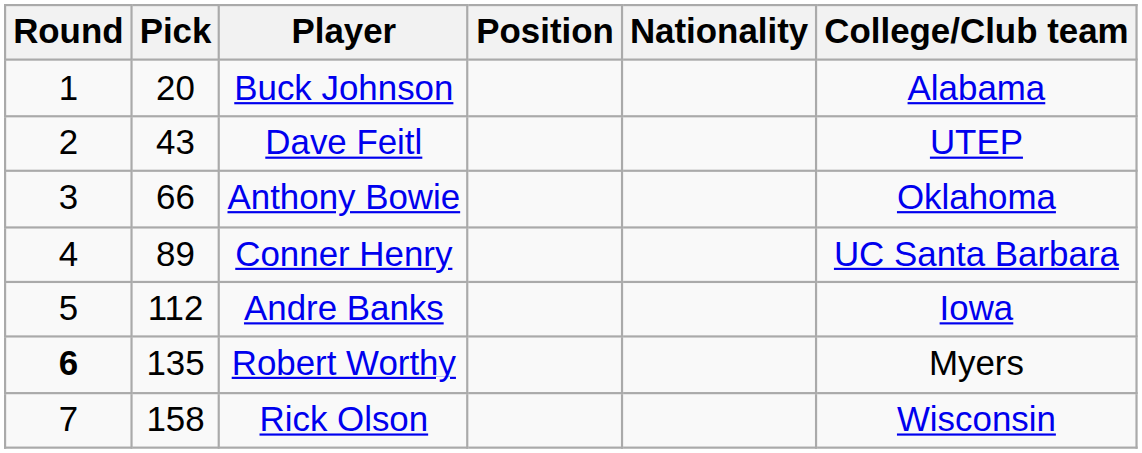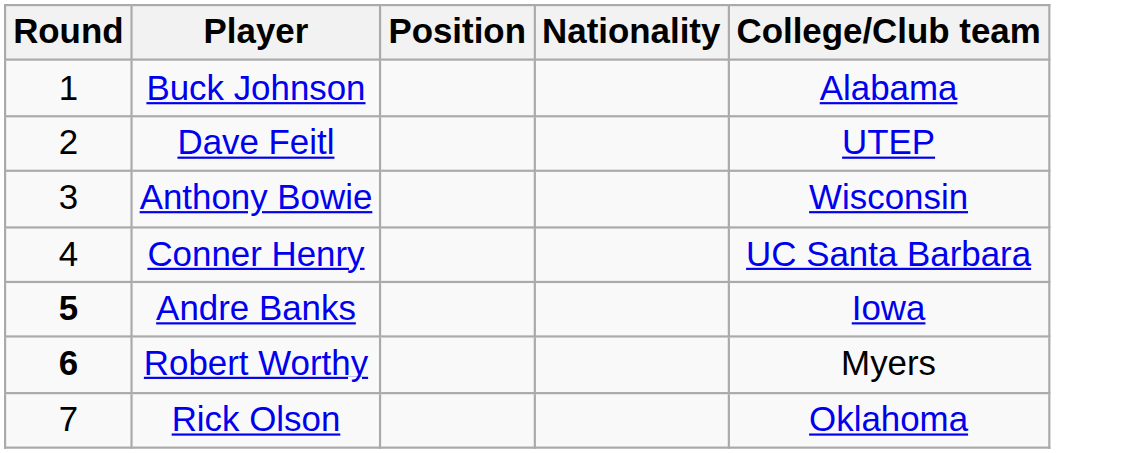 <table class="wikitable sortable sortable">
 <tr>
 <th>Round</th>
-<th>Pick</th>
 <th>Player</th>
 <th>Position</th>
 <th>Nationality</th>
 <th>College/Club team</th>
 </tr>
 <tr style="text-align: center">
 <td>1</td>
-<td>20</td>
 <td><a href='#'>Buck Johnson</a></td>
 <td></td>
 <td></td>
 <td><a href='#'>Alabama</a></td>
 </tr>
 <tr style="text-align: center">
 <td>2</td>
-<td>43</td>
 <td><a href='#'>Dave Feitl</a></td>
 <td></td>
 <td></td>
 <td><a href='#'>UTEP</a></td>
 </tr>
 <tr style="text-align: center">
 <td>3</td>
-<td>66</td>
 <td><a href='#'>Anthony Bowie</a></td>
 <td></td>
 <td></td>
-<td><a href='#'>Oklahoma</a></td>
+<td><a href='#'>Wisconsin</a></td>
 </tr>
 <tr style="text-align: center">
 <td>4</td>
-<td>89</td>
 <td><a href='#'>Conner Henry</a></td>
 <td></td>
 <td></td>
 <td><a href='#'>UC Santa Barbara</a></td>
 </tr>
 <tr style="text-align: center">
-<td>5</td>
-<td>112</td>
+<td><strong>5</strong></td>
 <td><a href='#'>Andre Banks</a></td>
 <td></td>
 <td></td>
 <td><a href='#'>Iowa</a></td>
 </tr>
 <tr style="text-align: center">
 <td><strong>6</strong></td>
-<td>135</td>
 <td><a href='#'>Robert Worthy</a></td>
 <td></td>
 <td></td>
 <td>Myers</td>
 </tr>
 <tr style="text-align: center">
 <td>7</td>
-<td>158</td>
 <td><a href='#'>Rick Olson</a></td>
 <td></td>
 <td></td>
-<td><a href='#'>Wisconsin</a></td>
+<td><a href='#'>Oklahoma</a></td>
 </tr>
 </table>
